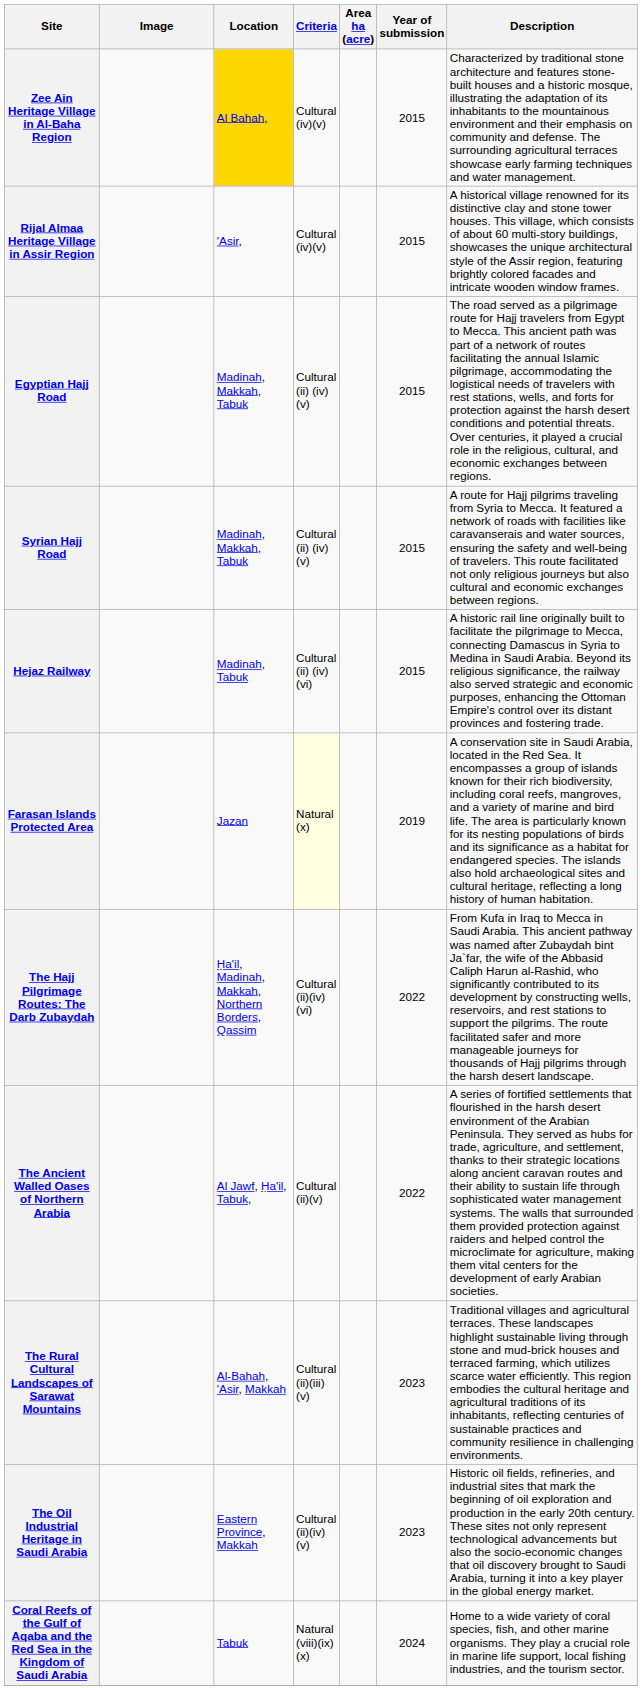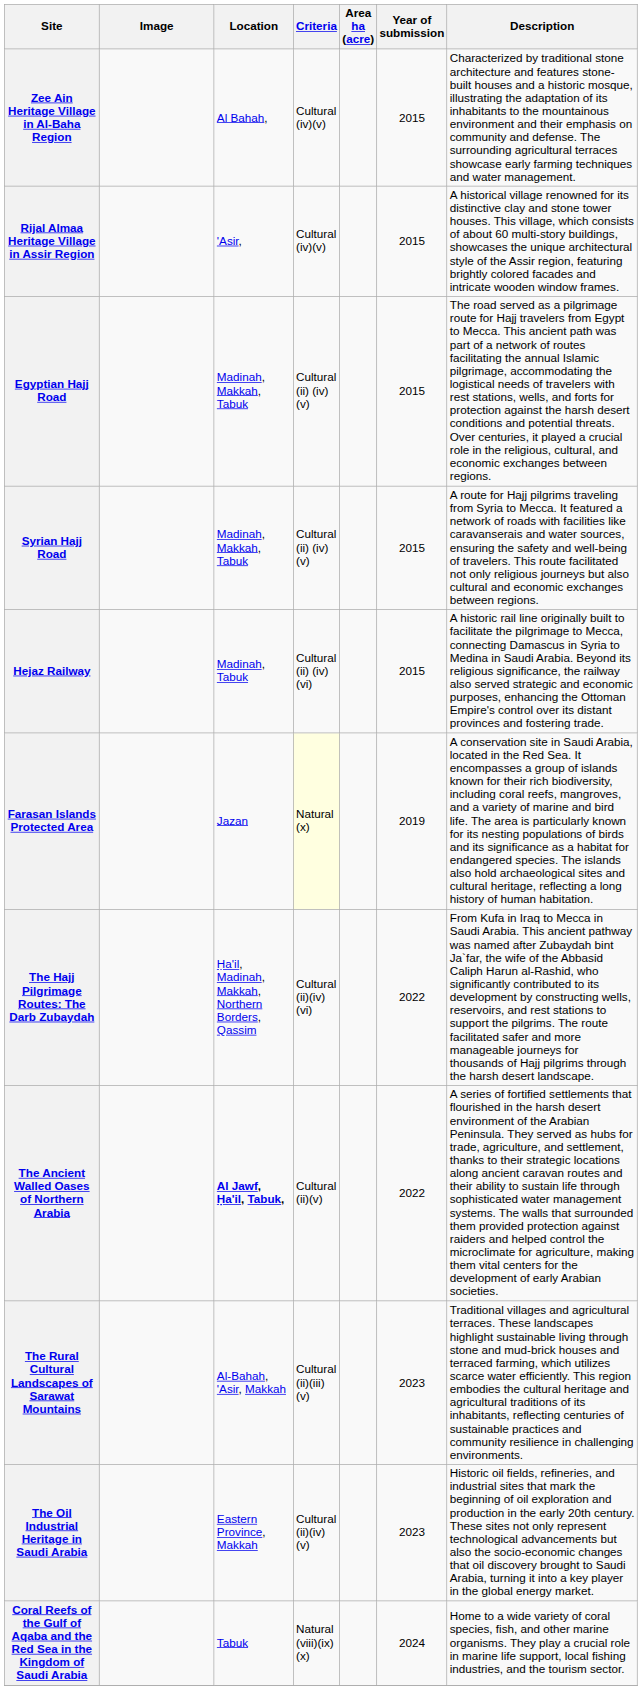 <table class="wikitable sortable">
 <tr>
 <th scope="col" style="width:15%;">Site</th>
 <th scope="col" class="unsortable" style="width:150px;">Image</th>
 <th scope="col" style="width:12.5%;">Location</th>
 <th scope="row" style="width:5%;"><a href='#'>Criteria</a></th>
 <th scope="col" style="width:5%;">Area<br><a href='#'>ha</a> (<a href='#'>acre</a>)<br></th>
 <th scope="col" style="width:5%;">Year of submission</th>
 <th scope="col" class="unsortable">Description</th>
 </tr>
 <tr>
 <th scope="row"><a href='#'>Zee Ain Heritage Village in Al-Baha Region</a></th>
 <td></td>
-<td style="background: gold;"><a href='#'>Al Bahah</a>, <small></small></td>
+<td><a href='#'>Al Bahah</a>, <small></small></td>
 <td>Cultural (iv)(v)</td>
 <td></td>
 <td align="center">2015</td>
 <td>Characterized by traditional stone architecture and features stone-built houses and a historic mosque, illustrating the adaptation of its inhabitants to the mountainous environment and their emphasis on community and defense. The surrounding agricultural terraces showcase early farming techniques and water management.</td>
 </tr>
 <tr>
 <th scope="row"><a href='#'>Rijal Almaa Heritage Village in Assir Region</a></th>
 <td></td>
 <td><a href='#'>'Asir</a>, <small></small></td>
 <td>Cultural (iv)(v)</td>
 <td></td>
 <td align="center">2015</td>
 <td>A historical village renowned for its distinctive clay and stone tower houses. This village, which consists of about 60 multi-story buildings, showcases the unique architectural style of the Assir region, featuring brightly colored facades and intricate wooden window frames.</td>
 </tr>
 <tr>
 <th scope="row"><a href='#'>Egyptian Hajj Road</a></th>
 <td></td>
 <td><a href='#'>Madinah</a>, <a href='#'>Makkah</a>, <a href='#'>Tabuk</a> <small></small></td>
 <td>Cultural (ii) (iv)(v)</td>
 <td></td>
 <td align="center">2015</td>
 <td>The road served as a pilgrimage route for Hajj travelers from Egypt to Mecca. This ancient path was part of a network of routes facilitating the annual Islamic pilgrimage, accommodating the logistical needs of travelers with rest stations, wells, and forts for protection against the harsh desert conditions and potential threats. Over centuries, it played a crucial role in the religious, cultural, and economic exchanges between regions.</td>
 </tr>
 <tr>
 <th scope="row"><a href='#'>Syrian Hajj Road</a></th>
 <td></td>
 <td><a href='#'>Madinah</a>, <a href='#'>Makkah</a>, <a href='#'>Tabuk</a> <small></small></td>
 <td>Cultural (ii) (iv)(v)</td>
 <td></td>
 <td align="center">2015</td>
 <td>A route for Hajj pilgrims traveling from Syria to Mecca. It featured a network of roads with facilities like caravanserais and water sources, ensuring the safety and well-being of travelers. This route facilitated not only religious journeys but also cultural and economic exchanges between regions.</td>
 </tr>
 <tr>
 <th scope="row"><a href='#'>Hejaz Railway</a></th>
 <td></td>
 <td><a href='#'>Madinah</a>, <a href='#'>Tabuk</a> <small></small></td>
 <td>Cultural (ii) (iv)(vi)</td>
 <td></td>
 <td align="center">2015</td>
 <td>A historic rail line originally built to facilitate the pilgrimage to Mecca, connecting Damascus in Syria to Medina in Saudi Arabia.  Beyond its religious significance, the railway also served strategic and economic purposes, enhancing the Ottoman Empire's control over its distant provinces and fostering trade.</td>
 </tr>
 <tr>
 <th scope="row"><a href='#'>Farasan Islands Protected Area</a></th>
 <td></td>
 <td><a href='#'>Jazan</a> <small></small></td>
 <td style="background: lightyellow;">Natural (x)</td>
 <td></td>
 <td align="center">2019</td>
 <td>A conservation site in Saudi Arabia, located in the Red Sea. It encompasses a group of islands known for their rich biodiversity, including coral reefs, mangroves, and a variety of marine and bird life. The area is particularly known for its nesting populations of birds and its significance as a habitat for endangered species. The islands also hold archaeological sites and cultural heritage, reflecting a long history of human habitation.</td>
 </tr>
 <tr>
 <th scope="row"><a href='#'>The Hajj Pilgrimage Routes: The Darb Zubaydah</a></th>
 <td></td>
 <td><a href='#'>Ḥa'il</a>, <a href='#'>Madinah</a>, <a href='#'>Makkah</a>, <a href='#'>Northern Borders</a>, <a href='#'>Qassim</a> <small></small></td>
 <td>Cultural (ii)(iv)(vi)</td>
 <td></td>
 <td align="center">2022</td>
 <td>From Kufa in Iraq to Mecca in Saudi Arabia. This ancient pathway was named after Zubaydah bint Ja`far, the wife of the Abbasid Caliph Harun al-Rashid, who significantly contributed to its development by constructing wells, reservoirs, and rest stations to support the pilgrims. The route facilitated safer and more manageable journeys for thousands of Hajj pilgrims through the harsh desert landscape.</td>
 </tr>
 <tr>
 <th scope="row"><a href='#'>The Ancient Walled Oases of Northern Arabia</a></th>
 <td></td>
-<td><a href='#'>Al Jawf</a>, <a href='#'>Ḥa'il</a>, <a href='#'>Tabuk</a>, <small></small></td>
+<td><strong><a href='#'>Al Jawf</a>, <a href='#'>Ḥa'il</a>, <a href='#'>Tabuk</a>, <small></small></strong></td>
 <td>Cultural (ii)(v)</td>
 <td></td>
 <td align="center">2022</td>
 <td>A series of fortified settlements that flourished in the harsh desert environment of the Arabian Peninsula. They served as hubs for trade, agriculture, and settlement, thanks to their strategic locations along ancient caravan routes and their ability to sustain life through sophisticated water management systems. The walls that surrounded them provided protection against raiders and helped control the microclimate for agriculture, making them vital centers for the development of early Arabian societies.</td>
 </tr>
 <tr>
 <th scope="row"><a href='#'>The Rural Cultural Landscapes of Sarawat Mountains</a></th>
 <td></td>
 <td><a href='#'>Al-Bahah</a>, <a href='#'>'Asir</a>, <a href='#'>Makkah</a> <small></small></td>
 <td>Cultural (ii)(iii)(v)</td>
 <td></td>
 <td align="center">2023</td>
 <td>Traditional villages and agricultural terraces. These landscapes highlight sustainable living through stone and mud-brick houses and terraced farming, which utilizes scarce water efficiently. This region embodies the cultural heritage and agricultural traditions of its inhabitants, reflecting centuries of sustainable practices and community resilience in challenging environments.</td>
 </tr>
 <tr>
 <th scope="row"><a href='#'>The Oil Industrial Heritage in Saudi Arabia</a></th>
 <td></td>
 <td><a href='#'>Eastern Province</a>, <a href='#'>Makkah</a> <small></small></td>
 <td>Cultural (ii)(iv)(v)</td>
 <td></td>
 <td align="center">2023</td>
 <td>Historic oil fields, refineries, and industrial sites that mark the beginning of oil exploration and production in the early 20th century. These sites not only represent technological advancements but also the socio-economic changes that oil discovery brought to Saudi Arabia, turning it into a key player in the global energy market.</td>
 </tr>
 <tr>
 <th scope="row"><a href='#'>Coral Reefs of the Gulf of Aqaba and the Red Sea in the Kingdom of Saudi Arabia</a></th>
 <td></td>
 <td><a href='#'>Tabuk</a> <small></small></td>
 <td>Natural (viii)(ix)(x)</td>
 <td></td>
 <td align="center">2024</td>
 <td>Home to a wide variety of coral species, fish, and other marine organisms. They play a crucial role in marine life support, local fishing industries, and the tourism sector.</td>
 </tr>
 <tr>
 </tr>
 </table>
